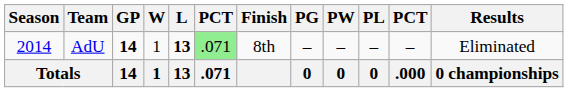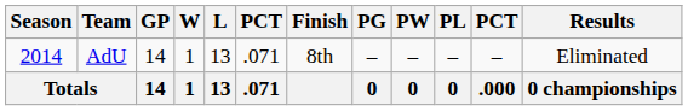 <table class="wikitable" style="text-align:center">
 <tr>
 <th>Season</th>
 <th>Team</th>
 <th>GP</th>
 <th>W</th>
 <th>L</th>
 <th>PCT</th>
 <th>Finish</th>
 <th>PG</th>
 <th>PW</th>
 <th>PL</th>
 <th>PCT</th>
 <th>Results</th>
 </tr>
 <tr>
 <td><a href='#'>2014</a></td>
 <td><a href='#'>AdU</a></td>
-<td><strong>14</strong></td>
+<td>14</td>
 <td>1</td>
-<td><strong>13</strong></td>
-<td style="background: lightgreen;">.071</td>
+<td>13</td>
+<td>.071</td>
 <td>8th</td>
 <td>–</td>
 <td>–</td>
 <td>–</td>
 <td>–</td>
 <td>Eliminated</td>
 </tr>
 <tr>
 <th colspan="2">Totals</th>
 <th>14</th>
 <th>1</th>
 <th>13</th>
 <th>.071</th>
 <th></th>
 <th>0</th>
 <th>0</th>
 <th>0</th>
 <th>.000</th>
 <th>0 championships</th>
 </tr>
 </table>
